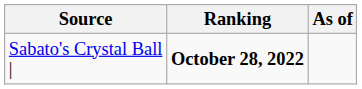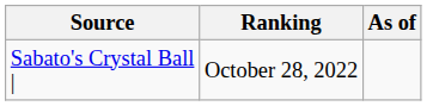 <table class="wikitable" style="text-align:center">
 <tr>
 <th>Source</th>
 <th>Ranking</th>
 <th>As of</th>
 </tr>
 <tr>
 <td align=left><a href='#'>Sabato's Crystal Ball</a><br>| </td>
-<td><strong>October 28, 2022</strong></td>
+<td>October 28, 2022</td>
 </tr>
 </table>
